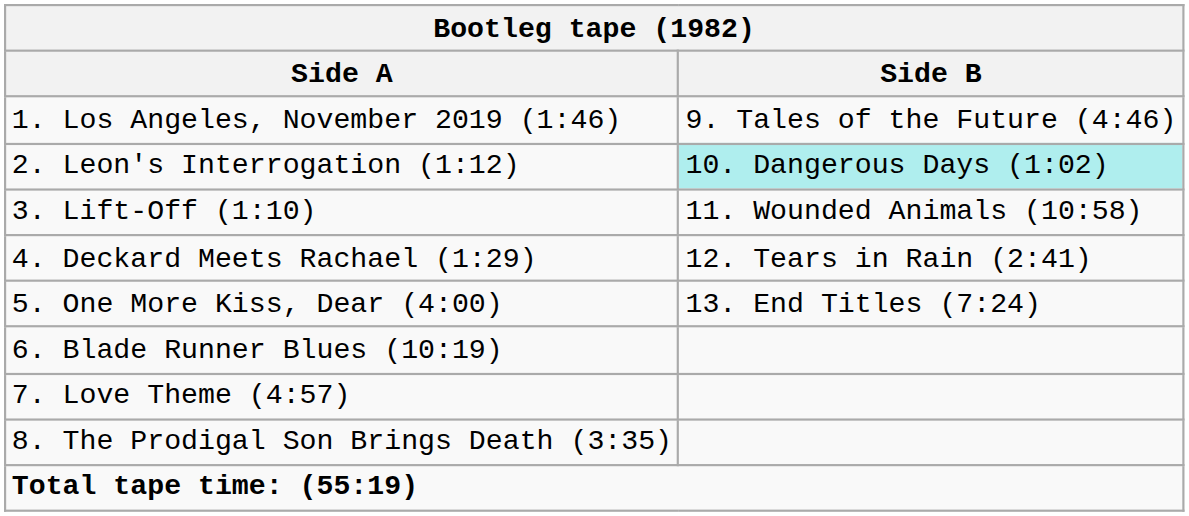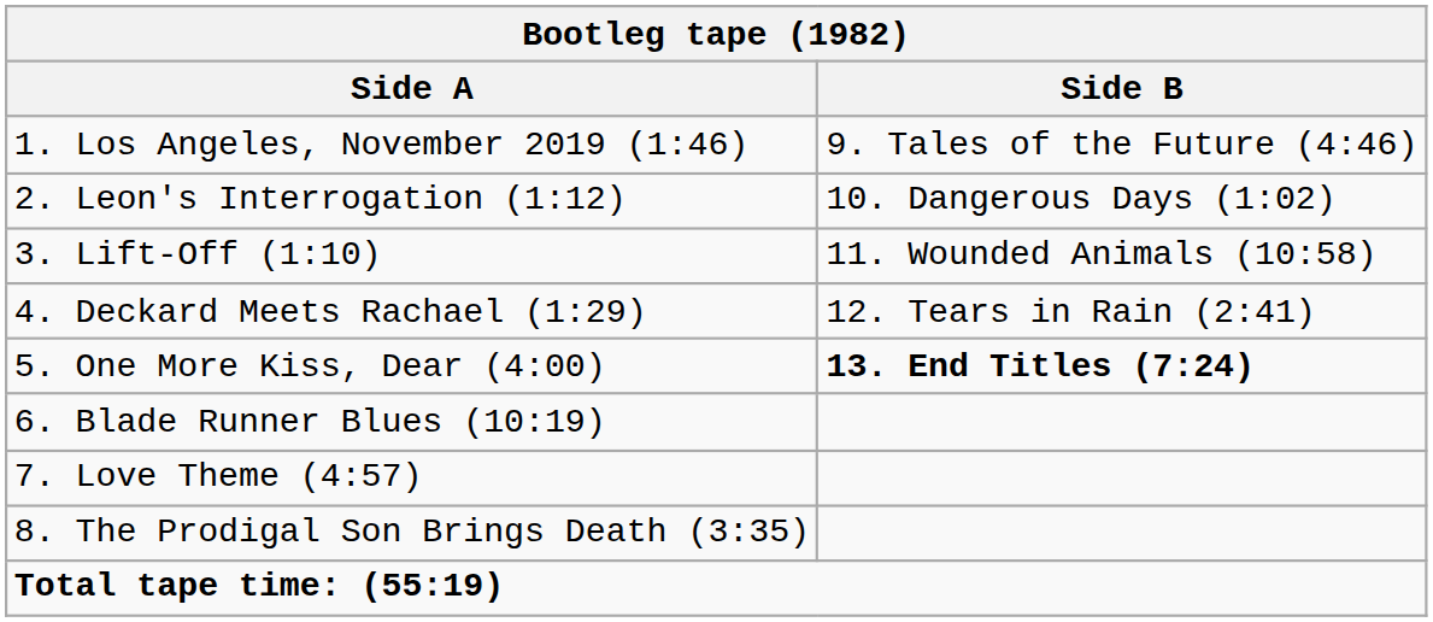 <table class="wikitable">
 <tr>
 <th colspan=2>Bootleg tape (1982)</th>
 </tr>
 <tr>
 <th>Side A</th>
 <th>Side B</th>
 </tr>
 <tr>
 <td>1. Los Angeles, November 2019 (1:46)</td>
 <td>9. Tales of the Future (4:46)</td>
 </tr>
 <tr>
 <td>2. Leon's Interrogation (1:12)</td>
-<td style="background: paleturquoise;">10. Dangerous Days (1:02)</td>
+<td>10. Dangerous Days (1:02)</td>
 </tr>
 <tr>
 <td>3. Lift-Off (1:10)</td>
 <td>11. Wounded Animals (10:58)</td>
 </tr>
 <tr>
 <td>4. Deckard Meets Rachael (1:29)</td>
 <td>12. Tears in Rain (2:41)</td>
 </tr>
 <tr>
 <td>5. One More Kiss, Dear (4:00)</td>
-<td>13. End Titles (7:24)</td>
+<td><strong>13. End Titles (7:24)</strong></td>
 </tr>
 <tr>
 <td>6. Blade Runner Blues (10:19)</td>
 <td></td>
 </tr>
 <tr>
 <td>7. Love Theme (4:57)</td>
 <td></td>
 </tr>
 <tr>
 <td>8. The Prodigal Son Brings Death (3:35)</td>
 <td></td>
 </tr>
 <tr>
 <td colspan=2><strong>Total tape time: (55:19)</strong></td>
 </tr>
 </table>
